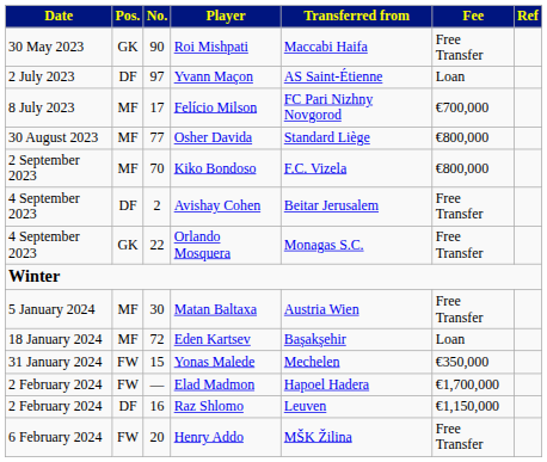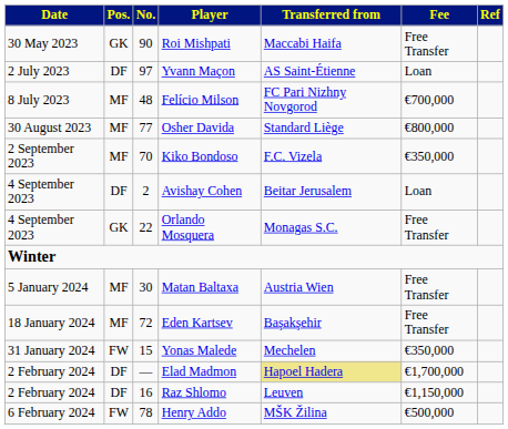 <table class="wikitable plainrowheaders sortable">
 <tr>
 <th style="background:#00157F; color:#FFFF00; ">Date</th>
 <th style="background:#00157F; color:#FFFF00; ">Pos.</th>
 <th style="background:#00157F; color:#FFFF00; ">No.</th>
 <th style="background:#00157F; color:#FFFF00; ">Player</th>
 <th style="background:#00157F; color:#FFFF00; ">Transferred from</th>
 <th style="background:#00157F; color:#FFFF00; ">Fee</th>
 <th style="background:#00157F; color:#FFFF00; ">Ref</th>
 </tr>
 <tr>
 <td>30 May 2023</td>
 <td style="text-align:center;">GK</td>
 <td style="text-align:center;">90</td>
 <td style="text-align:left;"> <a href='#'>Roi Mishpati</a></td>
 <td style="text-align:left;"> <a href='#'>Maccabi Haifa</a></td>
 <td>Free Transfer</td>
 <td></td>
 </tr>
 <tr>
 <td>2 July 2023</td>
 <td style="text-align:center;">DF</td>
 <td style="text-align:center;">97</td>
 <td style="text-align:left;"> <a href='#'>Yvann Maçon</a></td>
 <td style="text-align:left;"> <a href='#'>AS Saint-Étienne</a></td>
 <td>Loan</td>
 <td></td>
 </tr>
 <tr>
 <td>8 July 2023</td>
 <td style="text-align:center;">MF</td>
-<td style="text-align:center;">17</td>
+<td style="text-align:center;">48</td>
 <td style="text-align:left;"> <a href='#'>Felício Milson</a></td>
 <td style="text-align:left;"> <a href='#'>FC Pari Nizhny Novgorod</a></td>
 <td>€700,000</td>
 <td></td>
 </tr>
 <tr>
 <td>30 August 2023</td>
 <td style="text-align:center;">MF</td>
 <td style="text-align:center;">77</td>
 <td> <a href='#'>Osher Davida</a></td>
 <td> <a href='#'>Standard Liège</a></td>
 <td>€800,000</td>
 <td></td>
 </tr>
 <tr>
 <td>2 September 2023</td>
 <td style="text-align:center;">MF</td>
 <td style="text-align:center;">70</td>
 <td> <a href='#'>Kiko Bondoso</a></td>
 <td> <a href='#'>F.C. Vizela</a></td>
-<td>€800,000</td>
+<td>€350,000</td>
 <td></td>
 </tr>
 <tr>
 <td>4 September 2023</td>
 <td style="text-align:center;">DF</td>
 <td style="text-align:center;">2</td>
 <td> <a href='#'>Avishay Cohen</a></td>
 <td> <a href='#'>Beitar Jerusalem</a></td>
-<td>Free Transfer</td>
+<td>Loan</td>
 <td></td>
 </tr>
 <tr>
 <td>4 September 2023</td>
 <td style="text-align:center;">GK</td>
 <td style="text-align:center;">22</td>
 <td> <a href='#'>Orlando Mosquera</a></td>
 <td> <a href='#'>Monagas S.C.</a></td>
 <td>Free Transfer</td>
 <td></td>
 </tr>
 <tr>
 <td colspan="7"><strong><big>Winter</big></strong></td>
 </tr>
 <tr>
 <td>5 January 2024</td>
 <td style="text-align:center;">MF</td>
 <td style="text-align:center;">30</td>
 <td> <a href='#'>Matan Baltaxa</a></td>
 <td> <a href='#'>Austria Wien</a></td>
 <td>Free Transfer</td>
 <td></td>
 </tr>
 <tr>
 <td>18 January 2024</td>
 <td style="text-align:center;">MF</td>
 <td style="text-align:center;">72</td>
 <td> <a href='#'>Eden Kartsev</a></td>
 <td> <a href='#'>Başakşehir</a></td>
-<td>Loan</td>
+<td>Free Transfer</td>
 <td></td>
 </tr>
 <tr>
 <td>31 January 2024</td>
 <td style="text-align:center;">FW</td>
 <td style="text-align:center;">15</td>
 <td> <a href='#'>Yonas Malede</a></td>
 <td> <a href='#'>Mechelen</a></td>
 <td>€350,000</td>
 <td></td>
 </tr>
 <tr>
 <td>2 February 2024</td>
-<td style="text-align:center;">FW</td>
+<td style="text-align:center;">DF</td>
 <td style="text-align:center;">—</td>
 <td> <a href='#'>Elad Madmon</a></td>
-<td> <a href='#'>Hapoel Hadera</a></td>
+<td style="background: khaki;"> <a href='#'>Hapoel Hadera</a></td>
 <td>€1,700,000</td>
 <td></td>
 </tr>
 <tr>
 <td>2 February 2024</td>
 <td style="text-align:center;">DF</td>
 <td style="text-align:center;">16</td>
 <td> <a href='#'>Raz Shlomo</a></td>
 <td> <a href='#'>Leuven</a></td>
 <td>€1,150,000</td>
 <td></td>
 </tr>
 <tr>
 <td>6 February 2024</td>
 <td style="text-align:center;">FW</td>
-<td style="text-align:center;">20</td>
+<td style="text-align:center;">78</td>
 <td> <a href='#'>Henry Addo</a></td>
 <td> <a href='#'>MŠK Žilina</a></td>
-<td>Free Transfer</td>
+<td>€500,000</td>
 <td></td>
 </tr>
 </table>
